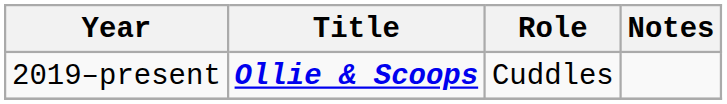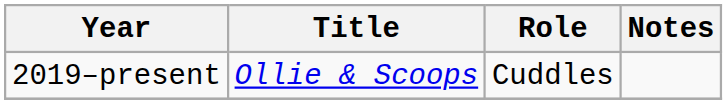 <table class="wikitable sortable plainrowheaders" style="white-space:nowrap">
 <tr>
 <th>Year</th>
 <th>Title</th>
 <th>Role</th>
 <th>Notes</th>
 </tr>
 <tr>
 <td>2019–present</td>
-<td><strong><em><a href='#'>Ollie & Scoops</a></em></strong></td>
+<td><em><a href='#'>Ollie & Scoops</a></em></td>
 <td>Cuddles</td>
 <td></td>
 </tr>
 <tr>
 </tr>
 </table>
